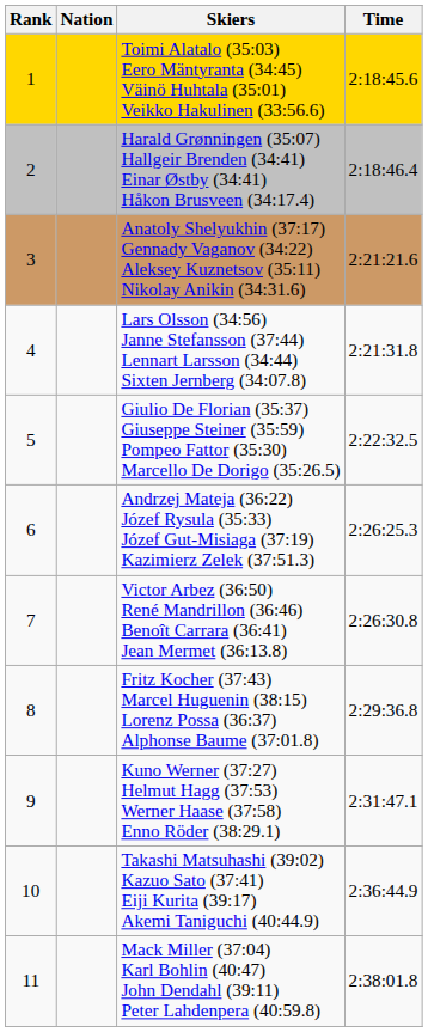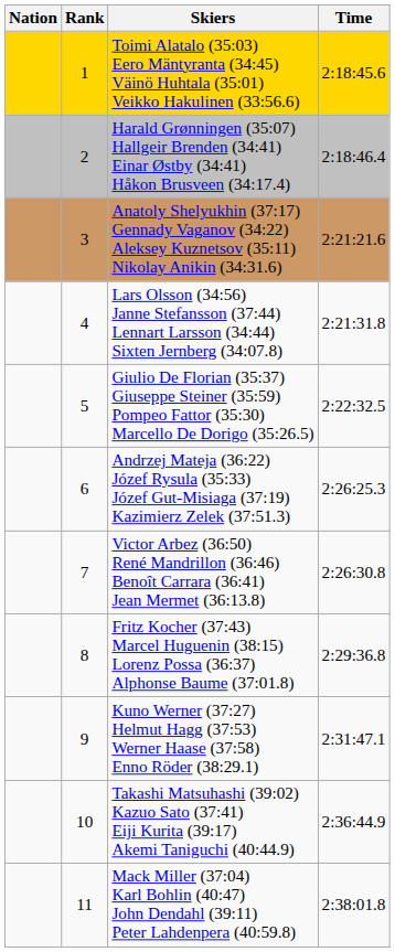 <table class="wikitable sortable" style="text-align:center">
 <tr>
+<th>Nation</th>
 <th>Rank</th>
-<th>Nation</th>
 <th>Skiers</th>
 <th>Time</th>
 </tr>
 <tr bgcolor=gold>
+<td align="left"></td>
 <td>1</td>
-<td align="left"></td>
 <td align="left"><a href='#'>Toimi Alatalo</a> (35:03)<br> <a href='#'>Eero Mäntyranta</a> (34:45)<br> <a href='#'>Väinö Huhtala</a> (35:01)<br> <a href='#'>Veikko Hakulinen</a> (33:56.6)</td>
 <td>2:18:45.6</td>
 </tr>
 <tr bgcolor=silver>
+<td align="left"></td>
 <td>2</td>
-<td align="left"></td>
 <td align="left"><a href='#'>Harald Grønningen</a> (35:07)<br> <a href='#'>Hallgeir Brenden</a> (34:41)<br> <a href='#'>Einar Østby</a> (34:41)<br> <a href='#'>Håkon Brusveen</a> (34:17.4)</td>
 <td>2:18:46.4</td>
 </tr>
 <tr bgcolor=#CC9966>
+<td align="left"></td>
 <td>3</td>
-<td align="left"></td>
 <td align="left"><a href='#'>Anatoly Shelyukhin</a> (37:17)<br> <a href='#'>Gennady Vaganov</a> (34:22)<br> <a href='#'>Aleksey Kuznetsov</a> (35:11)<br> <a href='#'>Nikolay Anikin</a> (34:31.6)</td>
 <td>2:21:21.6</td>
 </tr>
 <tr>
+<td align="left"></td>
 <td>4</td>
-<td align="left"></td>
 <td align="left"><a href='#'>Lars Olsson</a> (34:56)<br> <a href='#'>Janne Stefansson</a> (37:44)<br> <a href='#'>Lennart Larsson</a> (34:44)<br> <a href='#'>Sixten Jernberg</a> (34:07.8)</td>
 <td>2:21:31.8</td>
 </tr>
 <tr>
+<td align="left"></td>
 <td>5</td>
-<td align="left"></td>
 <td align="left"><a href='#'>Giulio De Florian</a> (35:37)<br> <a href='#'>Giuseppe Steiner</a> (35:59)<br> <a href='#'>Pompeo Fattor</a> (35:30)<br> <a href='#'>Marcello De Dorigo</a> (35:26.5)</td>
 <td>2:22:32.5</td>
 </tr>
 <tr>
+<td align="left"></td>
 <td>6</td>
-<td align="left"></td>
 <td align="left"><a href='#'>Andrzej Mateja</a> (36:22)<br> <a href='#'>Józef Rysula</a> (35:33)<br> <a href='#'>Józef Gut-Misiaga</a> (37:19)<br> <a href='#'>Kazimierz Zelek</a> (37:51.3)</td>
 <td>2:26:25.3</td>
 </tr>
 <tr>
+<td align="left"></td>
 <td>7</td>
-<td align="left"></td>
 <td align="left"><a href='#'>Victor Arbez</a> (36:50)<br> <a href='#'>René Mandrillon</a> (36:46)<br> <a href='#'>Benoît Carrara</a> (36:41)<br> <a href='#'>Jean Mermet</a> (36:13.8)</td>
 <td>2:26:30.8</td>
 </tr>
 <tr>
+<td align="left"></td>
 <td>8</td>
-<td align="left"></td>
 <td align="left"><a href='#'>Fritz Kocher</a> (37:43)<br> <a href='#'>Marcel Huguenin</a> (38:15)<br> <a href='#'>Lorenz Possa</a> (36:37)<br> <a href='#'>Alphonse Baume</a> (37:01.8)</td>
 <td>2:29:36.8</td>
 </tr>
 <tr>
+<td align="left"></td>
 <td>9</td>
-<td align="left"></td>
 <td align="left"><a href='#'>Kuno Werner</a> (37:27)<br> <a href='#'>Helmut Hagg</a> (37:53)<br> <a href='#'>Werner Haase</a> (37:58)<br> <a href='#'>Enno Röder</a> (38:29.1)</td>
 <td>2:31:47.1</td>
 </tr>
 <tr>
+<td align="left"></td>
 <td>10</td>
-<td align="left"></td>
 <td align="left"><a href='#'>Takashi Matsuhashi</a> (39:02)<br> <a href='#'>Kazuo Sato</a> (37:41)<br> <a href='#'>Eiji Kurita</a> (39:17)<br> <a href='#'>Akemi Taniguchi</a> (40:44.9)</td>
 <td>2:36:44.9</td>
 </tr>
 <tr>
+<td align="left"></td>
 <td>11</td>
-<td align="left"></td>
 <td align="left"><a href='#'>Mack Miller</a> (37:04)<br> <a href='#'>Karl Bohlin</a> (40:47)<br> <a href='#'>John Dendahl</a> (39:11)<br> <a href='#'>Peter Lahdenpera</a> (40:59.8)</td>
 <td>2:38:01.8</td>
 </tr>
 </table>
